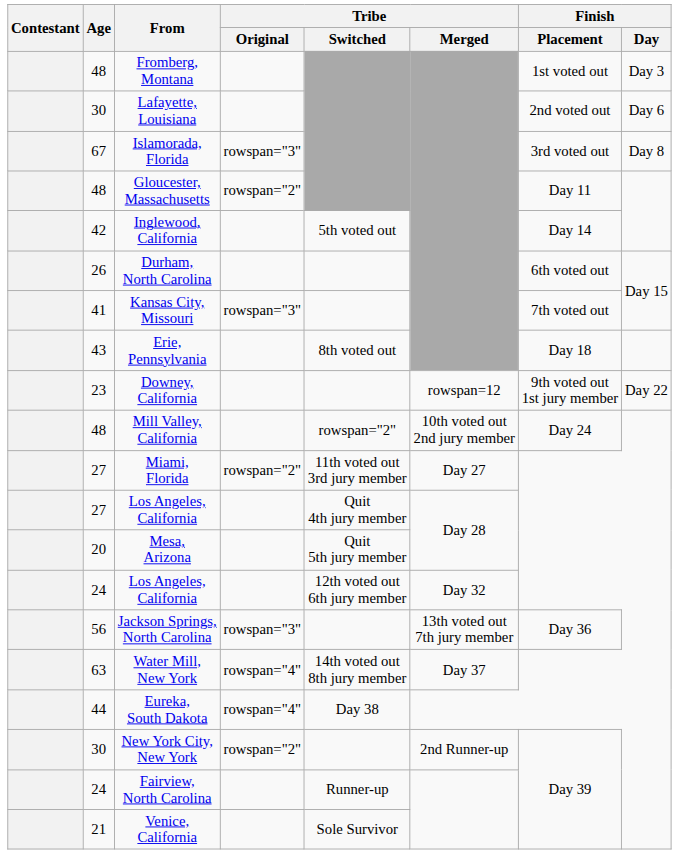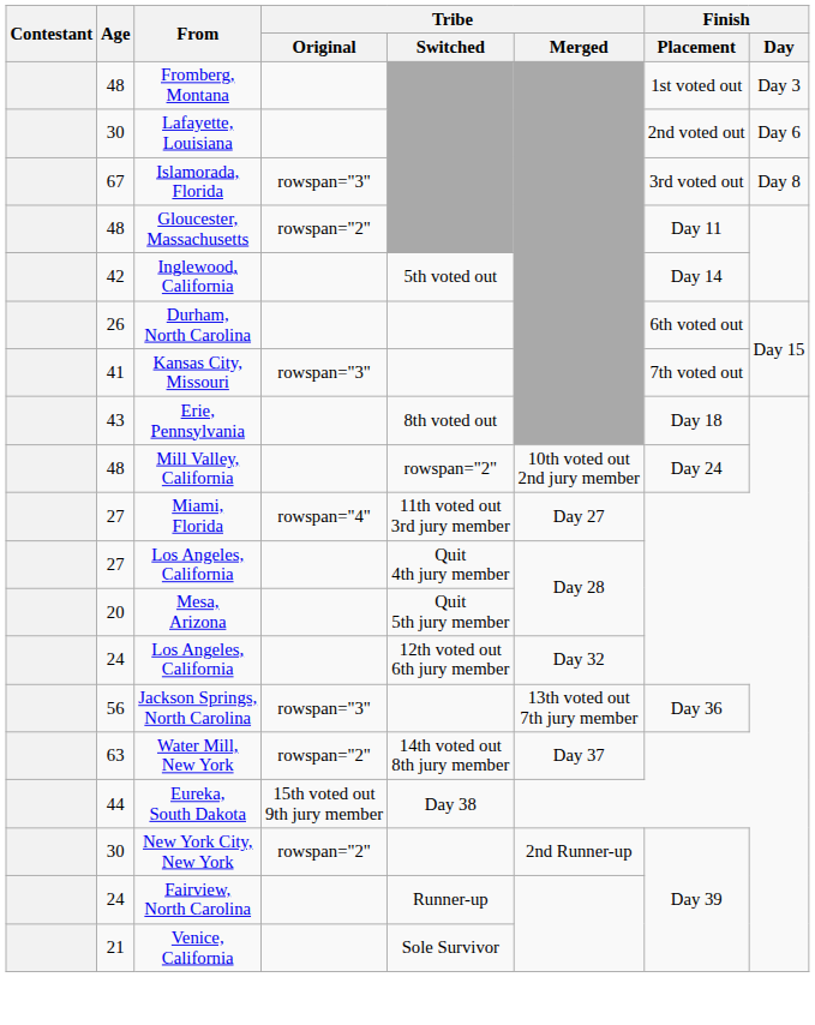 <table class="wikitable sortable" style="margin:auto; text-align:center">
 <tr>
 <th rowspan="2" scope="col">Contestant</th>
 <th rowspan="2" scope="col">Age</th>
 <th rowspan="2" scope="col" class=unsortable>From</th>
 <th colspan="3" scope="colgroup">Tribe</th>
 <th colspan="2" scope="colgroup">Finish</th>
 </tr>
 <tr>
 <th scope="col">Original</th>
 <th scope="col">Switched</th>
 <th scope="col" class=unsortable>Merged</th>
 <th scope="col" class=unsortable>Placement</th>
 <th scope="col" class=unsortable>Day</th>
 </tr>
 <tr>
 <th scope="row" style=text-align:left></th>
 <td>48</td>
 <td><a href='#'>Fromberg,<br>Montana</a></td>
 <td></td>
 <td style="background:darkgrey;" rowspan="4"></td>
 <td style="background:darkgrey;" rowspan="8"></td>
 <td>1st voted out</td>
 <td>Day 3</td>
 </tr>
 <tr>
 <th scope="row" style=text-align:left></th>
 <td>30</td>
 <td><a href='#'>Lafayette,<br>Louisiana</a></td>
 <td></td>
 <td>2nd voted out</td>
 <td>Day 6</td>
 </tr>
 <tr>
 <th scope="row" style=text-align:left></th>
 <td>67</td>
 <td><a href='#'>Islamorada,<br>Florida</a></td>
 <td>rowspan="3" </td>
 <td>3rd voted out</td>
 <td>Day 8</td>
 </tr>
 <tr>
 <th scope="row" style=text-align:left></th>
 <td>48</td>
 <td><a href='#'>Gloucester,<br>Massachusetts</a></td>
 <td>rowspan="2" </td>
 <td>Day 11</td>
 </tr>
 <tr>
 <th scope="row" style=text-align:left></th>
 <td>42</td>
 <td><a href='#'>Inglewood,<br>California</a></td>
 <td></td>
 <td>5th voted out</td>
 <td>Day 14</td>
 </tr>
 <tr>
 <th scope="row" style=text-align:left></th>
 <td>26</td>
 <td><a href='#'>Durham,<br>North Carolina</a></td>
 <td></td>
 <td></td>
 <td>6th voted out</td>
 <td rowspan="2">Day 15</td>
 </tr>
 <tr>
 <th scope="row" style=text-align:left></th>
 <td>41</td>
 <td><a href='#'>Kansas City,<br>Missouri</a></td>
 <td>rowspan="3" </td>
 <td></td>
 <td>7th voted out</td>
 </tr>
 <tr>
 <th scope="row" style=text-align:left></th>
 <td>43</td>
 <td><a href='#'>Erie,<br>Pennsylvania</a></td>
 <td></td>
 <td>8th voted out</td>
 <td>Day 18</td>
 </tr>
 <tr>
 <th scope="row" style=text-align:left></th>
-<td>23</td>
-<td><a href='#'>Downey,<br>California</a></td>
-<td></td>
-<td></td>
-<td>rowspan=12 </td>
-<td>9th voted out<br>1st jury member</td>
-<td>Day 22</td>
-</tr>
-<tr>
-<th scope="row" style=text-align:left></th>
 <td>48</td>
 <td><a href='#'>Mill Valley,<br>California</a></td>
 <td></td>
 <td>rowspan="2" </td>
 <td>10th voted out<br>2nd jury member</td>
 <td>Day 24</td>
 </tr>
 <tr>
 <th scope="row" style=text-align:left></th>
 <td>27</td>
 <td><a href='#'>Miami,<br>Florida</a></td>
-<td>rowspan="2" </td>
+<td>rowspan="4" </td>
 <td>11th voted out<br>3rd jury member</td>
 <td>Day 27</td>
 </tr>
 <tr>
 <th scope="row" style=text-align:left></th>
 <td>27</td>
 <td><a href='#'>Los Angeles,<br>California</a></td>
 <td></td>
 <td>Quit<br>4th jury member</td>
 <td rowspan="2">Day 28</td>
 </tr>
 <tr>
 <th scope="row" style=text-align:left></th>
 <td>20</td>
 <td><a href='#'>Mesa,<br>Arizona</a></td>
 <td></td>
 <td>Quit<br>5th jury member</td>
 </tr>
 <tr>
 <th scope="row" style=text-align:left></th>
 <td>24</td>
 <td><a href='#'>Los Angeles,<br>California</a></td>
 <td></td>
 <td>12th voted out<br>6th jury member</td>
 <td>Day 32</td>
 </tr>
 <tr>
 <th scope="row" style=text-align:left></th>
 <td>56</td>
 <td><a href='#'>Jackson Springs,<br>North Carolina</a></td>
 <td>rowspan="3" </td>
 <td></td>
 <td>13th voted out<br>7th jury member</td>
 <td>Day 36</td>
 </tr>
 <tr>
 <th scope="row" style=text-align:left></th>
 <td>63</td>
 <td><a href='#'>Water Mill,<br>New York</a></td>
-<td>rowspan="4" </td>
+<td>rowspan="2" </td>
 <td>14th voted out<br>8th jury member</td>
 <td>Day 37</td>
 </tr>
 <tr>
 <th scope="row" style=text-align:left></th>
 <td>44</td>
 <td><a href='#'>Eureka,<br>South Dakota</a></td>
-<td>rowspan="4" </td>
+<td>15th voted out<br>9th jury member</td>
 <td>Day 38</td>
 </tr>
 <tr>
 <th scope="row" style=text-align:left></th>
 <td>30</td>
 <td><a href='#'>New York City,<br>New York</a></td>
 <td>rowspan="2" </td>
 <td></td>
 <td>2nd Runner-up</td>
 <td rowspan="3">Day 39</td>
 </tr>
 <tr>
 <th scope="row" style=text-align:left></th>
 <td>24</td>
 <td><a href='#'>Fairview,<br>North Carolina</a></td>
 <td></td>
 <td>Runner-up</td>
 </tr>
 <tr>
 <th scope="row" style=text-align:left></th>
 <td>21</td>
 <td><a href='#'>Venice,<br>California</a></td>
 <td></td>
 <td>Sole Survivor</td>
 </tr>
 </table>
